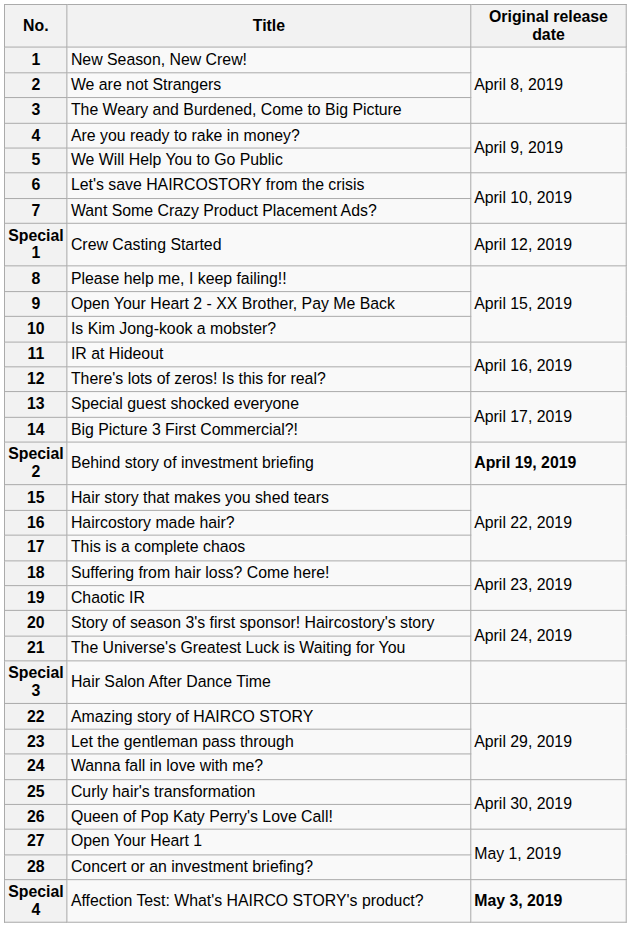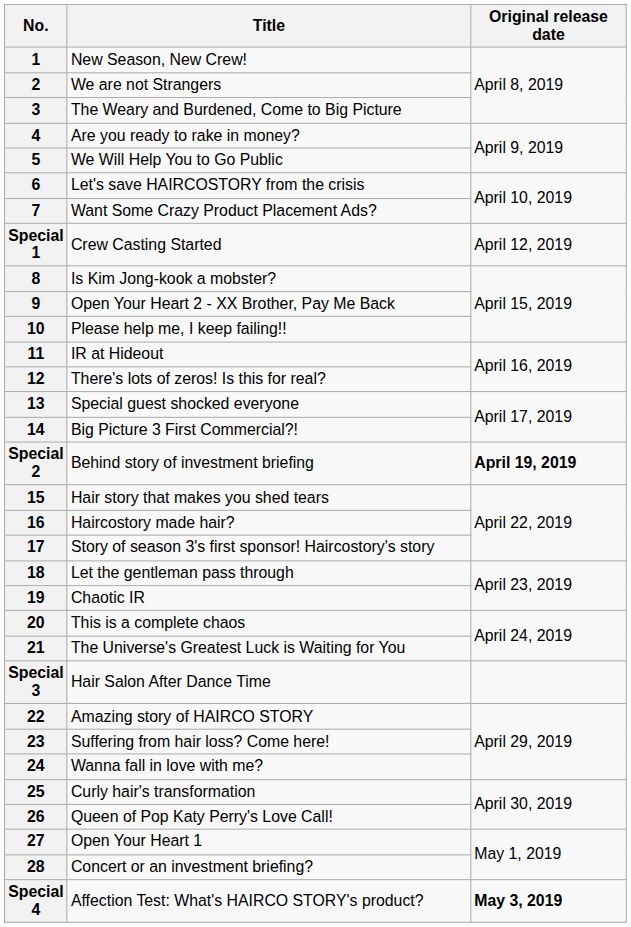 <table class="wikitable sortable mw-collapsible">
 <tr>
 <th width=50>No.</th>
 <th width=400>Title</th>
 <th width=150>Original release date</th>
 </tr>
 <tr>
 <th>1</th>
 <td>New Season, New Crew!</td>
 <td rowspan=3>April 8, 2019</td>
 </tr>
 <tr>
 <th>2</th>
 <td>We are not Strangers</td>
 </tr>
 <tr>
 <th>3</th>
 <td>The Weary and Burdened, Come to Big Picture</td>
 </tr>
 <tr>
 <th>4</th>
 <td>Are you ready to rake in money?</td>
 <td rowspan=2>April 9, 2019</td>
 </tr>
 <tr>
 <th>5</th>
 <td>We Will Help You to Go Public</td>
 </tr>
 <tr>
 <th>6</th>
 <td>Let's save HAIRCOSTORY from the crisis</td>
 <td rowspan=2>April 10, 2019</td>
 </tr>
 <tr>
 <th>7</th>
 <td>Want Some Crazy Product Placement Ads?</td>
 </tr>
 <tr>
 <th>Special 1</th>
 <td>Crew Casting Started</td>
 <td>April 12, 2019</td>
 </tr>
 <tr>
 <th>8</th>
-<td>Please help me, I keep failing!!</td>
+<td>Is Kim Jong-kook a mobster?</td>
 <td rowspan=3>April 15, 2019</td>
 </tr>
 <tr>
 <th>9</th>
 <td>Open Your Heart 2 - XX Brother, Pay Me Back</td>
 </tr>
 <tr>
 <th>10</th>
-<td>Is Kim Jong-kook a mobster?</td>
+<td>Please help me, I keep failing!!</td>
 </tr>
 <tr>
 <th>11</th>
 <td>IR at Hideout</td>
 <td rowspan=2>April 16, 2019</td>
 </tr>
 <tr>
 <th>12</th>
 <td>There's lots of zeros! Is this for real?</td>
 </tr>
 <tr>
 <th>13</th>
 <td>Special guest shocked everyone</td>
 <td rowspan=2>April 17, 2019</td>
 </tr>
 <tr>
 <th>14</th>
 <td>Big Picture 3 First Commercial?!</td>
 </tr>
 <tr>
 <th>Special 2</th>
 <td>Behind story of investment briefing</td>
 <td><strong>April 19, 2019</strong></td>
 </tr>
 <tr>
 <th>15</th>
 <td>Hair story that makes you shed tears</td>
 <td rowspan=3>April 22, 2019</td>
 </tr>
 <tr>
 <th>16</th>
 <td>Haircostory made hair?</td>
 </tr>
 <tr>
 <th>17</th>
-<td>This is a complete chaos</td>
+<td>Story of season 3's first sponsor! Haircostory's story</td>
 </tr>
 <tr>
 <th>18</th>
-<td>Suffering from hair loss? Come here!</td>
+<td>Let the gentleman pass through</td>
 <td rowspan=2>April 23, 2019</td>
 </tr>
 <tr>
 <th>19</th>
 <td>Chaotic IR</td>
 </tr>
 <tr>
 <th>20</th>
-<td>Story of season 3's first sponsor! Haircostory's story</td>
+<td>This is a complete chaos</td>
 <td rowspan=2>April 24, 2019</td>
 </tr>
 <tr>
 <th>21</th>
 <td>The Universe's Greatest Luck is Waiting for You</td>
 </tr>
 <tr>
 <th>Special 3</th>
 <td>Hair Salon After Dance Time</td>
 </tr>
 <tr>
 <th>22</th>
 <td>Amazing story of HAIRCO STORY</td>
 <td rowspan=3>April 29, 2019</td>
 </tr>
 <tr>
 <th>23</th>
-<td>Let the gentleman pass through</td>
+<td>Suffering from hair loss? Come here!</td>
 </tr>
 <tr>
 <th>24</th>
 <td>Wanna fall in love with me?</td>
 </tr>
 <tr>
 <th>25</th>
 <td>Curly hair's transformation</td>
 <td rowspan=2>April 30, 2019</td>
 </tr>
 <tr>
 <th>26</th>
 <td>Queen of Pop Katy Perry's Love Call!</td>
 </tr>
 <tr>
 <th>27</th>
 <td>Open Your Heart 1</td>
 <td rowspan=2>May 1, 2019</td>
 </tr>
 <tr>
 <th>28</th>
 <td>Concert or an investment briefing?</td>
 </tr>
 <tr>
 <th>Special 4</th>
 <td>Affection Test: What's HAIRCO STORY's product?</td>
 <td><strong>May 3, 2019<br></strong></td>
 </tr>
 </table>
